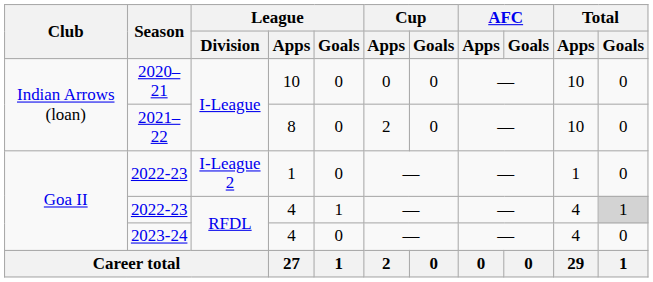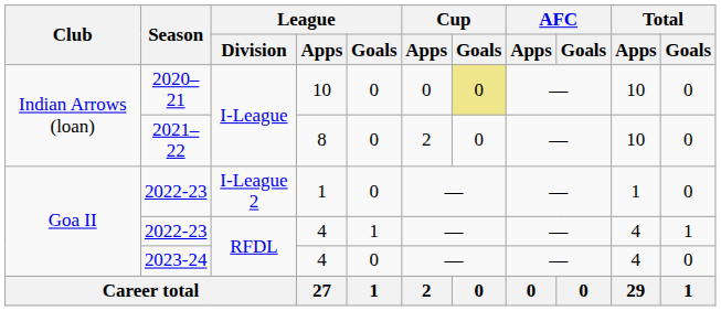 <table class="wikitable" style="text-align: center;">
 <tr>
 <th rowspan="2">Club</th>
 <th rowspan="2">Season</th>
 <th colspan="3">League</th>
 <th colspan="2">Cup</th>
 <th colspan="2"><a href='#'>AFC</a></th>
 <th colspan="2">Total</th>
 </tr>
 <tr>
 <th>Division</th>
 <th>Apps</th>
 <th>Goals</th>
 <th>Apps</th>
 <th>Goals</th>
 <th>Apps</th>
 <th>Goals</th>
 <th>Apps</th>
 <th>Goals</th>
 </tr>
 <tr>
 <td rowspan="2"><a href='#'>Indian Arrows</a> (loan)</td>
 <td><a href='#'>2020–21</a></td>
 <td rowspan="2"><a href='#'>I-League</a></td>
 <td>10</td>
 <td>0</td>
 <td>0</td>
-<td>0</td>
+<td style="background: khaki;">0</td>
 <td colspan="2">—</td>
 <td>10</td>
 <td>0</td>
 </tr>
 <tr>
 <td><a href='#'>2021–22</a></td>
 <td>8</td>
 <td>0</td>
 <td>2</td>
 <td>0</td>
 <td colspan="2">—</td>
 <td>10</td>
 <td>0</td>
 </tr>
 <tr>
 <td rowspan="3"><a href='#'>Goa II</a></td>
 <td><a href='#'>2022-23</a></td>
 <td><a href='#'>I-League 2</a></td>
 <td>1</td>
 <td>0</td>
 <td colspan="2">—</td>
 <td colspan="2">—</td>
 <td>1</td>
 <td>0</td>
 </tr>
 <tr>
 <td><a href='#'>2022-23</a></td>
 <td rowspan="2"><a href='#'>RFDL</a></td>
 <td>4</td>
 <td>1</td>
 <td colspan="2">—</td>
 <td colspan="2">—</td>
 <td>4</td>
-<td style="background: lightgrey;">1</td>
+<td>1</td>
 </tr>
 <tr>
 <td><a href='#'>2023-24</a></td>
 <td>4</td>
 <td>0</td>
 <td colspan="2">—</td>
 <td colspan="2">—</td>
 <td>4</td>
 <td>0</td>
 </tr>
 <tr>
 <th colspan="3">Career total</th>
 <th>27</th>
 <th>1</th>
 <th>2</th>
 <th>0</th>
 <th>0</th>
 <th>0</th>
 <th>29</th>
 <th>1</th>
 </tr>
 </table>
